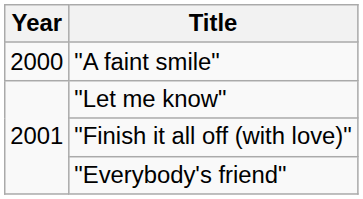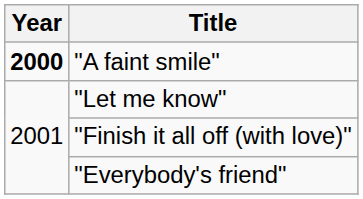 <table class="wikitable">
 <tr>
 <th>Year</th>
 <th>Title</th>
 </tr>
 <tr>
-<td>2000</td>
+<td><strong>2000</strong></td>
 <td>"A faint smile"</td>
 </tr>
 <tr>
 <td rowspan=3>2001</td>
 <td>"Let me know"</td>
 </tr>
 <tr>
 <td>"Finish it all off (with love)"</td>
 </tr>
 <tr>
 <td>"Everybody's friend"</td>
 </tr>
 </table>
